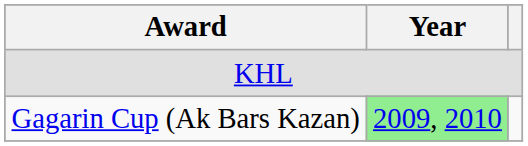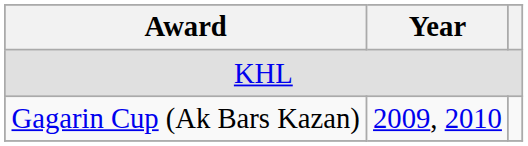 <table class="wikitable">
 <tr>
 <th>Award</th>
 <th>Year</th>
 <th></th>
 </tr>
 <tr align="center" bgcolor="#e0e0e0">
 <td colspan="3"><a href='#'>KHL</a></td>
 </tr>
 <tr>
 <td><a href='#'>Gagarin Cup</a> (Ak Bars Kazan)</td>
-<td style="background: lightgreen;"><a href='#'>2009</a>, <a href='#'>2010</a></td>
+<td><a href='#'>2009</a>, <a href='#'>2010</a></td>
 <td></td>
 </tr>
 </table>
